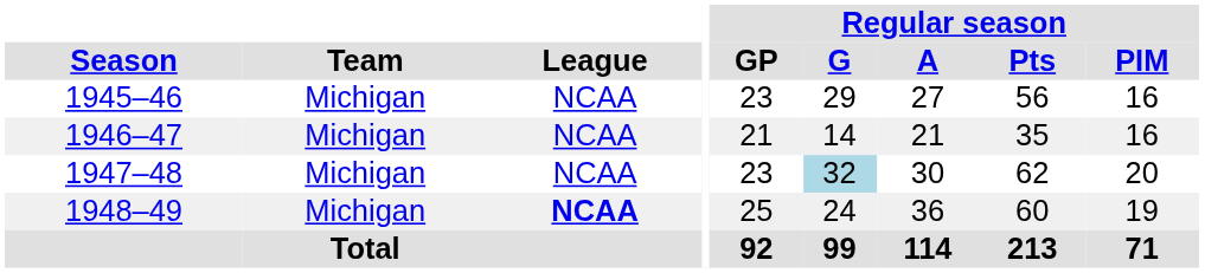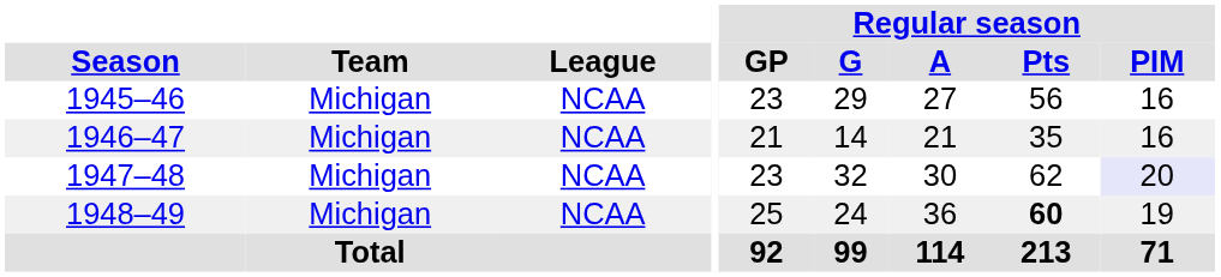 <table border="0" cellpadding="1" cellspacing="0" style="text-align:center; width:40%">
 <tr bgcolor="#e0e0e0">
 <th colspan="3" bgcolor="#ffffff"></th>
 <th rowspan="99" bgcolor="#ffffff"></th>
 <th colspan="5"><a href='#'>Regular season</a></th>
 </tr>
 <tr bgcolor="#e0e0e0">
 <th><a href='#'>Season</a></th>
 <th>Team</th>
 <th>League</th>
 <th>GP</th>
 <th><a href='#'>G</a></th>
 <th><a href='#'>A</a></th>
 <th><a href='#'>Pts</a></th>
 <th><a href='#'>PIM</a></th>
 </tr>
 <tr>
 <td><a href='#'>1945–46</a></td>
 <td><a href='#'>Michigan</a></td>
 <td><a href='#'>NCAA</a></td>
 <td>23</td>
 <td>29</td>
 <td>27</td>
 <td>56</td>
 <td>16</td>
 </tr>
 <tr bgcolor="#f0f0f0">
 <td><a href='#'>1946–47</a></td>
 <td><a href='#'>Michigan</a></td>
 <td><a href='#'>NCAA</a></td>
 <td>21</td>
 <td>14</td>
 <td>21</td>
 <td>35</td>
 <td>16</td>
 </tr>
 <tr>
 <td><a href='#'>1947–48</a></td>
 <td><a href='#'>Michigan</a></td>
 <td><a href='#'>NCAA</a></td>
 <td>23</td>
-<td style="background: lightblue;">32</td>
+<td>32</td>
 <td>30</td>
 <td>62</td>
-<td>20</td>
+<td style="background: lavender;">20</td>
 </tr>
 <tr bgcolor="#f0f0f0">
 <td><a href='#'>1948–49</a></td>
 <td><a href='#'>Michigan</a></td>
-<td><strong><a href='#'>NCAA</a></strong></td>
+<td><a href='#'>NCAA</a></td>
 <td>25</td>
 <td>24</td>
 <td>36</td>
-<td>60</td>
+<td><strong>60</strong></td>
 <td>19</td>
 </tr>
 <tr bgcolor="#e0e0e0">
 <th></th>
 <th>Total</th>
 <th></th>
 <th>92</th>
 <th>99</th>
 <th>114</th>
 <th>213</th>
 <th>71</th>
 </tr>
 </table>
